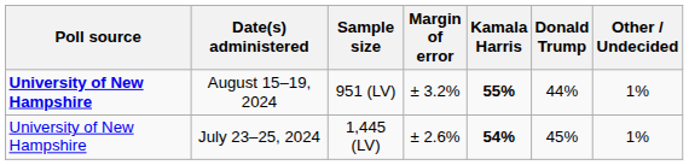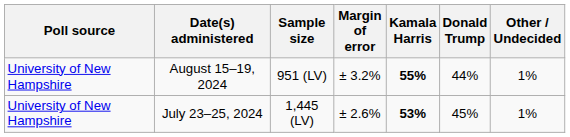 <table class="wikitable sortable mw-datatable" style="font-size:90%;text-align:center;line-height:17px">
 <tr vstyle="text-align:bottom">
 <th>Poll source</th>
 <th>Date(s)<br>administered</th>
 <th>Sample<br>size</th>
 <th>Margin<br>of error</th>
 <th class="unsortable">Kamala<br>Harris<br></th>
 <th class="unsortable">Donald<br>Trump<br></th>
 <th class="unsortable">Other /<br>Undecided</th>
 </tr>
 <tr>
-<td style="text-align:left;"><strong><a href='#'>University of New Hampshire</a></strong></td>
+<td style="text-align:left;"><a href='#'>University of New Hampshire</a></td>
 <td data-sort-value="2024-08-19">August 15–19, 2024</td>
 <td>951 (LV)</td>
 <td>± 3.2%</td>
 <td style="color:black;background-color:"><strong>55%</strong></td>
 <td>44%</td>
 <td>1%</td>
 </tr>
 <tr>
 <td style="text-align:left;"><a href='#'>University of New Hampshire</a></td>
 <td data-sort-value="2024-07-25">July 23–25, 2024</td>
 <td>1,445 (LV)</td>
 <td>± 2.6%</td>
-<td style="color:black;background-color:"><strong>54%</strong></td>
+<td style="color:black;background-color:"><strong>53%</strong></td>
 <td>45%</td>
 <td>1%</td>
 </tr>
 </table>
